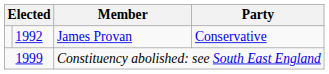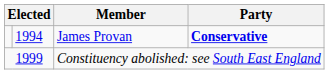 <table class="wikitable">
 <tr>
 <th colspan = "2">Elected</th>
 <th>Member</th>
 <th>Party</th>
 </tr>
 <tr>
 <td style="background-color: "></td>
-<td><a href='#'>1992</a></td>
+<td><a href='#'>1994</a></td>
 <td><a href='#'>James Provan</a></td>
-<td><a href='#'>Conservative</a></td>
+<td><strong><a href='#'>Conservative</a></strong></td>
 </tr>
 <tr>
 <td colspan="2" align="center"><a href='#'>1999</a></td>
 <td colspan="2"><em>Constituency abolished: see <a href='#'>South East England</a></em></td>
 </tr>
 </table>
